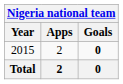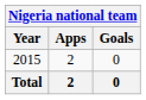 <table class="wikitable" style="text-align:center">
 <tr>
 <th colspan=3><a href='#'>Nigeria national team</a></th>
 </tr>
 <tr>
 <th>Year</th>
 <th>Apps</th>
 <th>Goals</th>
 </tr>
 <tr>
 <td>2015</td>
 <td>2</td>
-<td><strong>0</strong></td>
+<td>0</td>
 </tr>
 <tr>
 <th>Total</th>
 <th>2</th>
 <th>0</th>
 </tr>
 </table>
